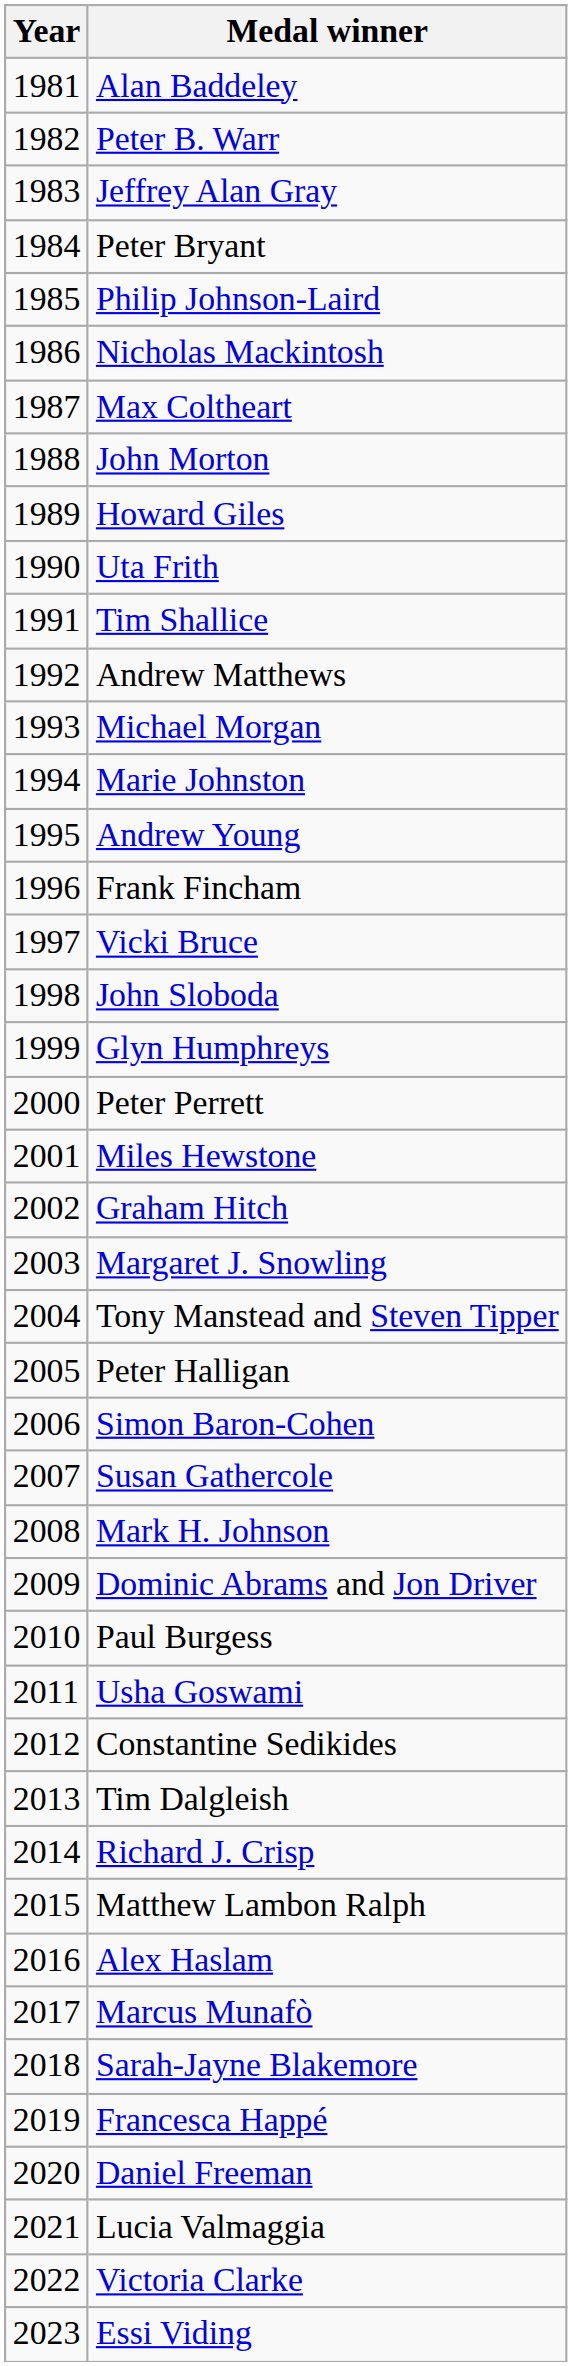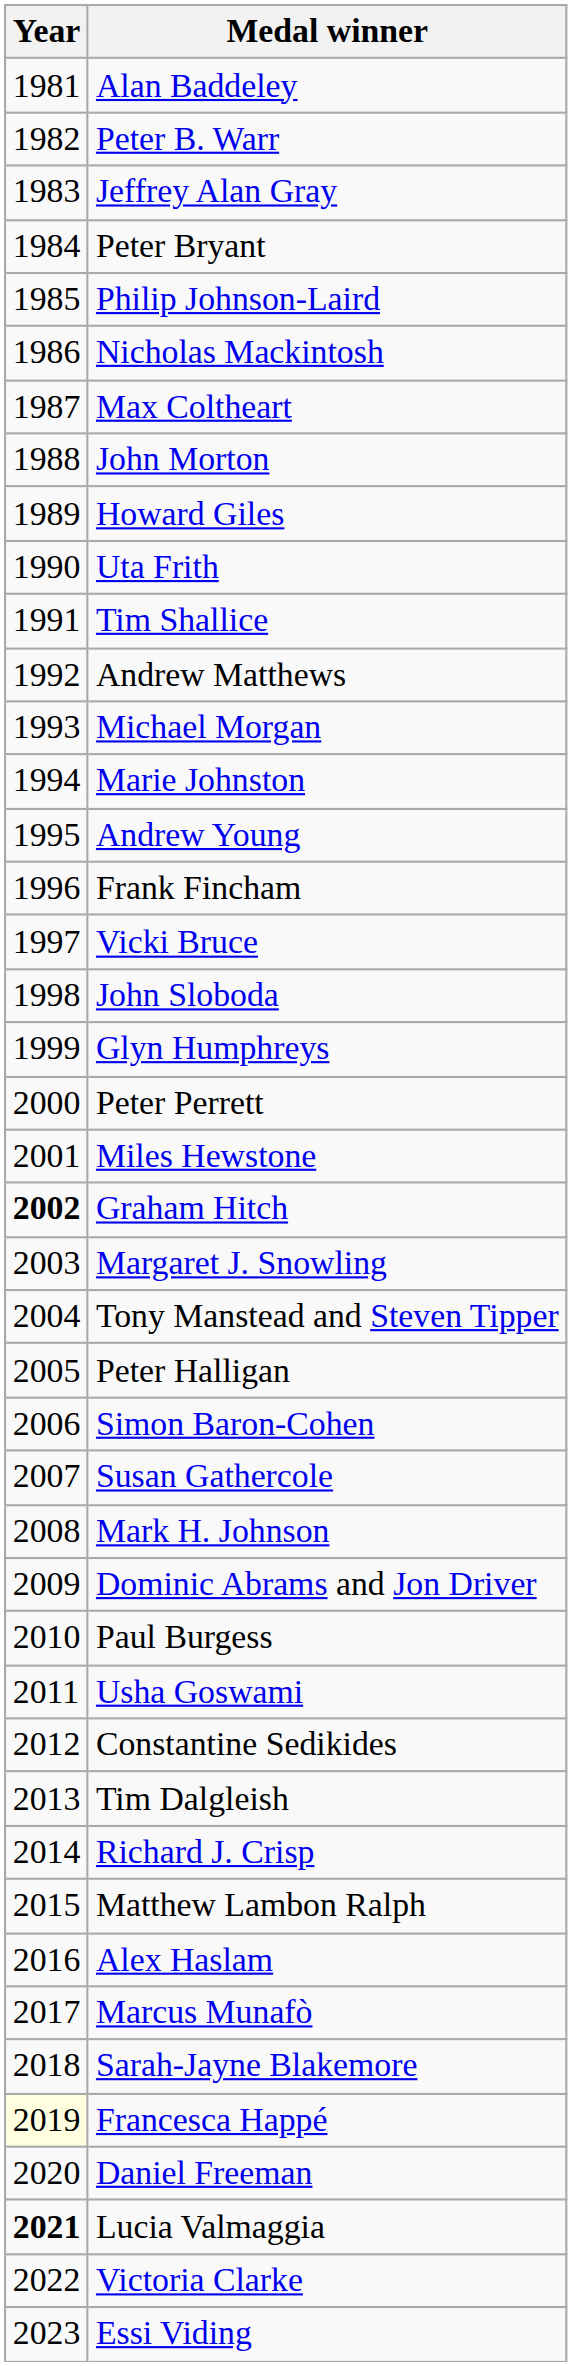 <table class="wikitable sortable">
 <tr>
 <th>Year</th>
 <th>Medal winner</th>
 </tr>
 <tr>
 <td>1981</td>
 <td><a href='#'>Alan Baddeley</a></td>
 </tr>
 <tr>
 <td>1982</td>
 <td><a href='#'>Peter B. Warr</a></td>
 </tr>
 <tr>
 <td>1983</td>
 <td><a href='#'>Jeffrey Alan Gray</a></td>
 </tr>
 <tr>
 <td>1984</td>
 <td>Peter Bryant</td>
 </tr>
 <tr>
 <td>1985</td>
 <td><a href='#'>Philip Johnson-Laird</a></td>
 </tr>
 <tr>
 <td>1986</td>
 <td><a href='#'>Nicholas Mackintosh</a></td>
 </tr>
 <tr>
 <td>1987</td>
 <td><a href='#'>Max Coltheart</a></td>
 </tr>
 <tr>
 <td>1988</td>
 <td><a href='#'>John Morton</a></td>
 </tr>
 <tr>
 <td>1989</td>
 <td><a href='#'>Howard Giles</a></td>
 </tr>
 <tr>
 <td>1990</td>
 <td><a href='#'>Uta Frith</a></td>
 </tr>
 <tr>
 <td>1991</td>
 <td><a href='#'>Tim Shallice</a></td>
 </tr>
 <tr>
 <td>1992</td>
 <td>Andrew Matthews</td>
 </tr>
 <tr>
 <td>1993</td>
 <td><a href='#'>Michael Morgan</a></td>
 </tr>
 <tr>
 <td>1994</td>
 <td><a href='#'>Marie Johnston</a></td>
 </tr>
 <tr>
 <td>1995</td>
 <td><a href='#'>Andrew Young</a></td>
 </tr>
 <tr>
 <td>1996</td>
 <td>Frank Fincham</td>
 </tr>
 <tr>
 <td>1997</td>
 <td><a href='#'>Vicki Bruce</a></td>
 </tr>
 <tr>
 <td>1998</td>
 <td><a href='#'>John Sloboda</a></td>
 </tr>
 <tr>
 <td>1999</td>
 <td><a href='#'>Glyn Humphreys</a></td>
 </tr>
 <tr>
 <td>2000</td>
 <td>Peter Perrett</td>
 </tr>
 <tr>
 <td>2001</td>
 <td><a href='#'>Miles Hewstone</a></td>
 </tr>
 <tr>
-<td>2002</td>
+<td><strong>2002</strong></td>
 <td><a href='#'>Graham Hitch</a></td>
 </tr>
 <tr>
 <td>2003</td>
 <td><a href='#'>Margaret J. Snowling</a></td>
 </tr>
 <tr>
 <td>2004</td>
 <td>Tony Manstead and <a href='#'>Steven Tipper</a></td>
 </tr>
 <tr>
 <td>2005</td>
 <td>Peter Halligan</td>
 </tr>
 <tr>
 <td>2006</td>
 <td><a href='#'>Simon Baron-Cohen</a></td>
 </tr>
 <tr>
 <td>2007</td>
 <td><a href='#'>Susan Gathercole</a></td>
 </tr>
 <tr>
 <td>2008</td>
 <td><a href='#'>Mark H. Johnson</a></td>
 </tr>
 <tr>
 <td>2009</td>
 <td><a href='#'>Dominic Abrams</a> and <a href='#'>Jon Driver</a></td>
 </tr>
 <tr>
 <td>2010</td>
 <td>Paul Burgess</td>
 </tr>
 <tr>
 <td>2011</td>
 <td><a href='#'>Usha Goswami</a></td>
 </tr>
 <tr>
 <td>2012</td>
 <td>Constantine Sedikides</td>
 </tr>
 <tr>
 <td>2013</td>
 <td>Tim Dalgleish</td>
 </tr>
 <tr>
 <td>2014</td>
 <td><a href='#'>Richard J. Crisp</a></td>
 </tr>
 <tr>
 <td>2015</td>
 <td>Matthew Lambon Ralph</td>
 </tr>
 <tr>
 <td>2016</td>
 <td><a href='#'>Alex Haslam</a></td>
 </tr>
 <tr>
 <td>2017</td>
 <td><a href='#'>Marcus Munafò</a></td>
 </tr>
 <tr>
 <td>2018</td>
 <td><a href='#'>Sarah-Jayne Blakemore</a></td>
 </tr>
 <tr>
-<td>2019</td>
+<td style="background: lightyellow;">2019</td>
 <td><a href='#'>Francesca Happé</a></td>
 </tr>
 <tr>
 <td>2020</td>
 <td><a href='#'>Daniel Freeman</a></td>
 </tr>
 <tr>
-<td>2021</td>
+<td><strong>2021</strong></td>
 <td>Lucia Valmaggia</td>
 </tr>
 <tr>
 <td>2022</td>
 <td><a href='#'>Victoria Clarke</a></td>
 </tr>
 <tr>
 <td>2023</td>
 <td><a href='#'>Essi Viding</a></td>
 </tr>
 </table>
